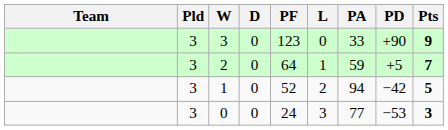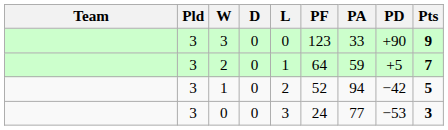 <table class="wikitable" style="text-align:center;">
 <tr>
 <th width=175>Team</th>
 <th width=25 abbr="Played">Pld</th>
 <th width=25 abbr="Won">W</th>
 <th width=25 abbr="Drawn">D</th>
+<th width=25 abbr="Lost">L</th>
 <th width=32 abbr="Points for">PF</th>
-<th width=25 abbr="Lost">L</th>
 <th width=32 abbr="Points against">PA</th>
 <th width=32 abbr="Points difference">PD</th>
 <th width=25 abbr="Points">Pts</th>
 </tr>
 <tr bgcolor=ccffcc>
 <td align=left></td>
 <td>3</td>
 <td>3</td>
 <td>0</td>
+<td>0</td>
 <td>123</td>
-<td>0</td>
 <td>33</td>
 <td>+90</td>
 <td><strong>9</strong></td>
 </tr>
 <tr bgcolor=ccffcc>
 <td align=left></td>
 <td>3</td>
 <td>2</td>
 <td>0</td>
+<td>1</td>
 <td>64</td>
-<td>1</td>
 <td>59</td>
 <td>+5</td>
 <td><strong>7</strong></td>
 </tr>
 <tr>
 <td align=left></td>
 <td>3</td>
 <td>1</td>
 <td>0</td>
+<td>2</td>
 <td>52</td>
-<td>2</td>
 <td>94</td>
 <td>−42</td>
 <td><strong>5</strong></td>
 </tr>
 <tr>
 <td align=left></td>
 <td>3</td>
 <td>0</td>
 <td>0</td>
+<td>3</td>
 <td>24</td>
-<td>3</td>
 <td>77</td>
 <td>−53</td>
 <td><strong>3</strong></td>
 </tr>
 </table>
